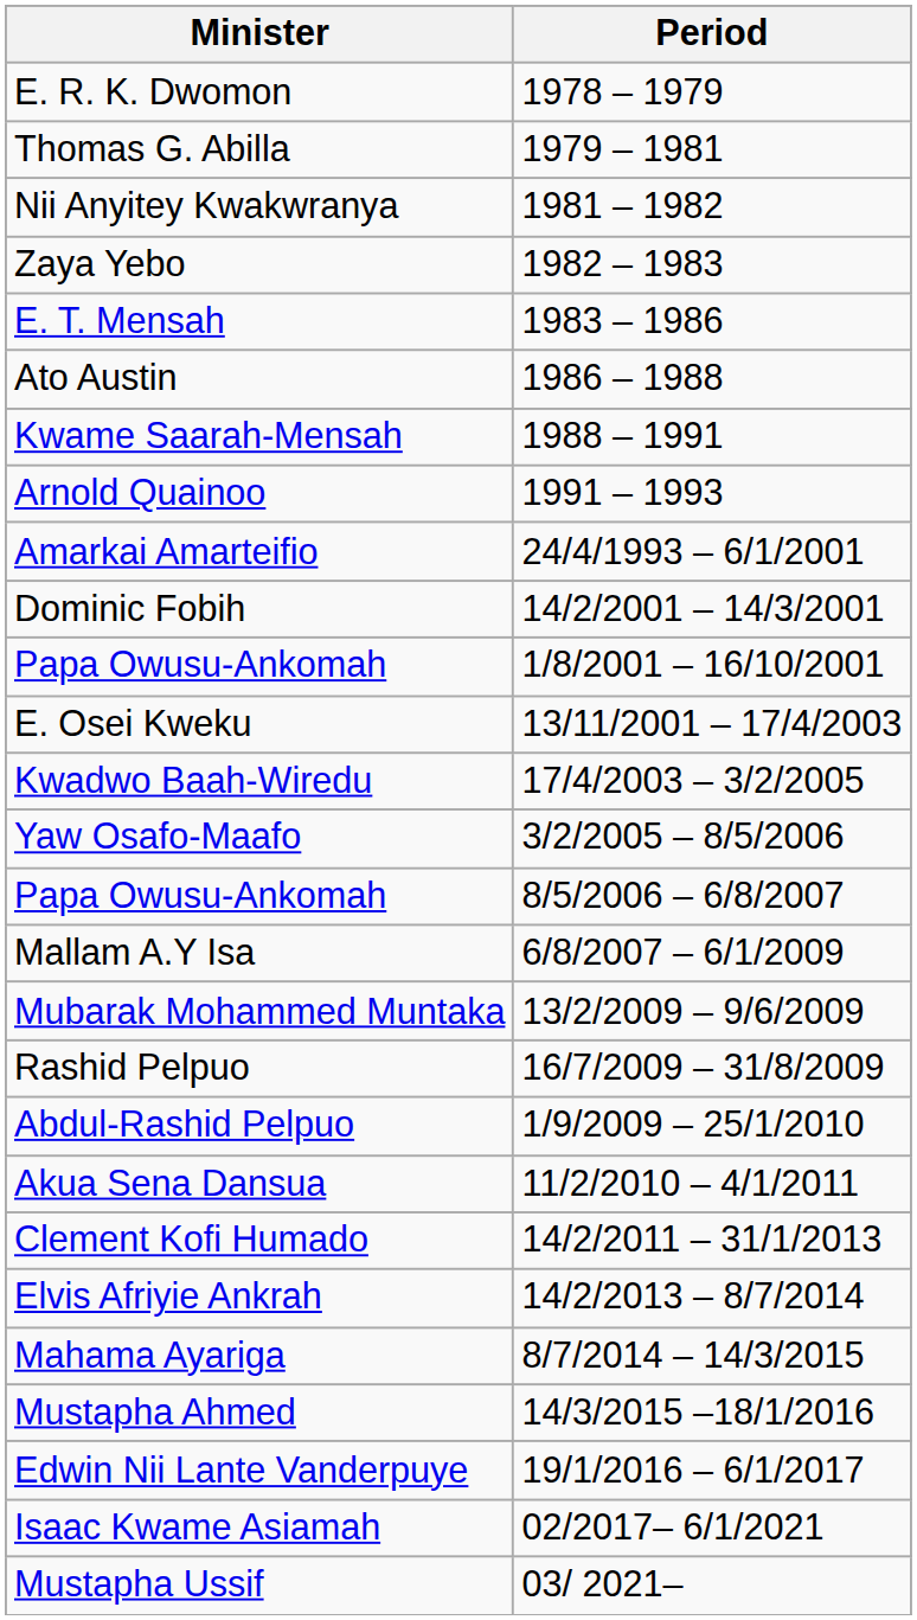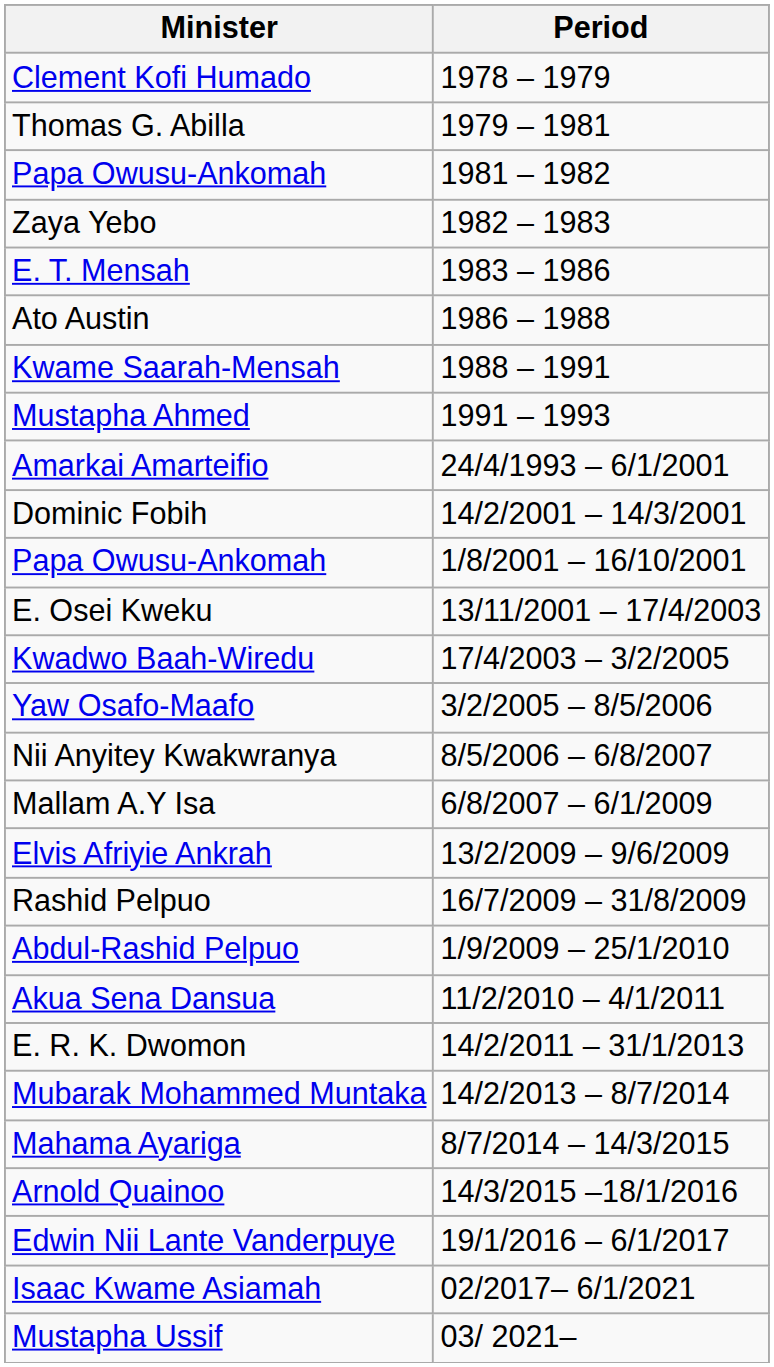 <table class="wikitable">
 <tr>
 <th>Minister</th>
 <th>Period</th>
 </tr>
 <tr>
-<td>E. R. K.  Dwomon</td>
+<td><a href='#'>Clement Kofi Humado</a></td>
 <td>1978 – 1979</td>
 </tr>
 <tr>
 <td>Thomas G. Abilla</td>
 <td>1979 – 1981</td>
 </tr>
 <tr>
-<td>Nii  Anyitey Kwakwranya</td>
+<td><a href='#'>Papa Owusu-Ankomah</a></td>
 <td>1981 – 1982</td>
 </tr>
 <tr>
 <td>Zaya Yebo</td>
 <td>1982 – 1983</td>
 </tr>
 <tr>
 <td><a href='#'>E. T. Mensah</a></td>
 <td>1983 – 1986</td>
 </tr>
 <tr>
 <td>Ato  Austin</td>
 <td>1986 – 1988</td>
 </tr>
 <tr>
 <td><a href='#'>Kwame Saarah-Mensah</a></td>
 <td>1988 – 1991</td>
 </tr>
 <tr>
-<td><a href='#'>Arnold Quainoo</a></td>
+<td><a href='#'>Mustapha Ahmed</a></td>
 <td>1991 – 1993</td>
 </tr>
 <tr>
 <td><a href='#'>Amarkai Amarteifio</a></td>
 <td>24/4/1993 – 6/1/2001</td>
 </tr>
 <tr>
 <td>Dominic Fobih</td>
 <td>14/2/2001 – 14/3/2001</td>
 </tr>
 <tr>
 <td><a href='#'>Papa Owusu-Ankomah</a></td>
 <td>1/8/2001 – 16/10/2001</td>
 </tr>
 <tr>
 <td>E.  Osei Kweku</td>
 <td>13/11/2001 – 17/4/2003</td>
 </tr>
 <tr>
 <td><a href='#'>Kwadwo Baah-Wiredu</a></td>
 <td>17/4/2003 – 3/2/2005</td>
 </tr>
 <tr>
 <td><a href='#'>Yaw Osafo-Maafo</a></td>
 <td>3/2/2005 – 8/5/2006</td>
 </tr>
 <tr>
-<td><a href='#'>Papa Owusu-Ankomah</a></td>
+<td>Nii  Anyitey Kwakwranya</td>
 <td>8/5/2006 – 6/8/2007</td>
 </tr>
 <tr>
 <td>Mallam  A.Y Isa</td>
 <td>6/8/2007 – 6/1/2009</td>
 </tr>
 <tr>
-<td><a href='#'>Mubarak Mohammed Muntaka</a></td>
+<td><a href='#'>Elvis Afriyie Ankrah</a></td>
 <td>13/2/2009 – 9/6/2009</td>
 </tr>
 <tr>
 <td>Rashid Pelpuo</td>
 <td>16/7/2009 – 31/8/2009</td>
 </tr>
 <tr>
 <td><a href='#'>Abdul-Rashid Pelpuo</a></td>
 <td>1/9/2009 – 25/1/2010</td>
 </tr>
 <tr>
 <td><a href='#'>Akua Sena Dansua</a></td>
 <td>11/2/2010 – 4/1/2011</td>
 </tr>
 <tr>
-<td><a href='#'>Clement Kofi Humado</a></td>
+<td>E. R. K.  Dwomon</td>
 <td>14/2/2011 – 31/1/2013</td>
 </tr>
 <tr>
-<td><a href='#'>Elvis Afriyie Ankrah</a></td>
+<td><a href='#'>Mubarak Mohammed Muntaka</a></td>
 <td>14/2/2013 – 8/7/2014</td>
 </tr>
 <tr>
 <td><a href='#'>Mahama Ayariga</a></td>
 <td>8/7/2014 – 14/3/2015</td>
 </tr>
 <tr>
-<td><a href='#'>Mustapha Ahmed</a></td>
+<td><a href='#'>Arnold Quainoo</a></td>
 <td>14/3/2015 –18/1/2016</td>
 </tr>
 <tr>
 <td><a href='#'>Edwin Nii Lante Vanderpuye</a></td>
 <td>19/1/2016 – 6/1/2017</td>
 </tr>
 <tr>
 <td><a href='#'>Isaac Kwame Asiamah</a></td>
 <td>02/2017– 6/1/2021</td>
 </tr>
 <tr>
 <td><a href='#'>Mustapha Ussif</a></td>
 <td>03/ 2021–</td>
 </tr>
 </table>
